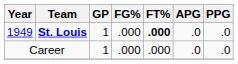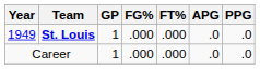 <table class="wikitable sortable" style="font-size:95%; text-align:right;">
 <tr>
 <th>Year</th>
 <th>Team</th>
 <th>GP</th>
 <th>FG%</th>
 <th>FT%</th>
 <th>APG</th>
 <th>PPG</th>
 </tr>
 <tr>
 <td style="text-align:left;"><a href='#'>1949</a></td>
 <td style="text-align:left;"><strong><a href='#'>St. Louis</a></strong></td>
 <td>1</td>
 <td>.000</td>
-<td><strong>.000</strong></td>
+<td>.000</td>
 <td>.0</td>
 <td>.0</td>
 </tr>
 <tr>
 <td style="text-align:center;" colspan="2">Career</td>
 <td>1</td>
 <td>.000</td>
 <td>.000</td>
 <td>.0</td>
 <td>.0</td>
 </tr>
 <tr>
 </tr>
 </table>
